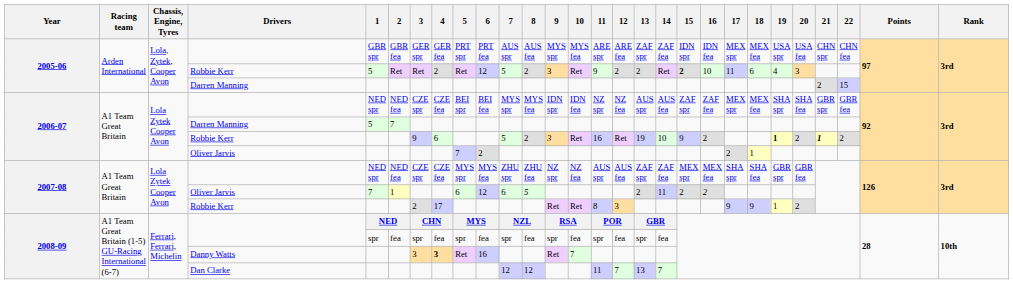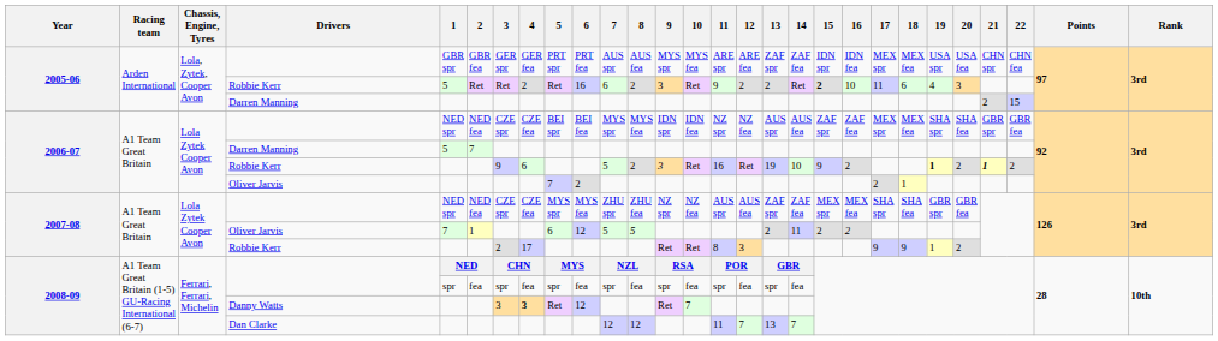 <table class="wikitable" style="font-size: 85%">
 <tr>
 <th>Year</th>
 <th width="4%">Racing<br>team</th>
 <th width="4%">Chassis,<br>Engine,<br>Tyres</th>
 <th>Drivers</th>
 <th width="2%">1</th>
 <th width="2%">2</th>
 <th width="2%">3</th>
 <th width="2%">4</th>
 <th width="2%">5</th>
 <th width="2%">6</th>
 <th width="2%">7</th>
 <th width="2%">8</th>
 <th width="2%">9</th>
 <th width="2%">10</th>
 <th width="2%">11</th>
 <th width="2%">12</th>
 <th width="2%">13</th>
 <th width="2%">14</th>
 <th width="2%">15</th>
 <th width="2%">16</th>
 <th width="2%">17</th>
 <th width="2%">18</th>
 <th width="2%">19</th>
 <th width="2%">20</th>
 <th width="2%">21</th>
 <th width="2%">22</th>
 <th>Points</th>
 <th>Rank</th>
 </tr>
 <tr>
 <th rowspan=3><a href='#'>2005-06</a></th>
 <td rowspan=3><a href='#'>Arden International</a></td>
 <td rowspan=3><a href='#'>Lola</a>,<br><a href='#'>Zytek</a>,<br><a href='#'>Cooper Avon</a></td>
 <td></td>
 <td><a href='#'>GBR spr</a></td>
 <td><a href='#'>GBR fea</a></td>
 <td><a href='#'>GER spr</a></td>
 <td><a href='#'>GER fea</a></td>
 <td><a href='#'>PRT spr</a></td>
 <td><a href='#'>PRT fea</a></td>
 <td><a href='#'>AUS spr</a></td>
 <td><a href='#'>AUS fea</a></td>
 <td><a href='#'>MYS spr</a></td>
 <td><a href='#'>MYS fea</a></td>
 <td><a href='#'>ARE spr</a></td>
 <td><a href='#'>ARE fea</a></td>
 <td><a href='#'>ZAF spr</a></td>
 <td><a href='#'>ZAF fea</a></td>
 <td><a href='#'>IDN spr</a></td>
 <td><a href='#'>IDN fea</a></td>
 <td><a href='#'>MEX spr</a></td>
 <td><a href='#'>MEX fea</a></td>
 <td><a href='#'>USA spr</a></td>
 <td><a href='#'>USA fea</a></td>
 <td><a href='#'>CHN spr</a></td>
 <td><a href='#'>CHN fea</a></td>
 <td rowspan=3 style="background:#FFDF9F;"><strong>97</strong></td>
 <td rowspan=3 style="background:#FFDF9F;"><strong>3rd</strong></td>
 </tr>
 <tr>
 <td><a href='#'>Robbie Kerr</a></td>
 <td style="background:#DFFFDF;">5</td>
 <td style="background:#EFCFFF;">Ret</td>
 <td style="background:#EFCFFF;">Ret</td>
 <td style="background:#DFDFDF;">2</td>
 <td style="background:#EFCFFF;">Ret</td>
-<td style="background:#CFCFFF;">12</td>
-<td style="background:#DFFFDF;">5</td>
+<td style="background:#CFCFFF;">16</td>
+<td style="background:#DFFFDF;">6</td>
 <td style="background:#DFDFDF;">2</td>
 <td style="background:#FFDF9F;">3</td>
 <td style="background:#EFCFFF;">Ret</td>
 <td style="background:#DFFFDF;">9</td>
 <td style="background:#DFDFDF;">2</td>
 <td style="background:#DFDFDF;">2</td>
 <td style="background:#EFCFFF;">Ret</td>
 <td style="background:#DFDFDF;"><strong>2</strong></td>
 <td style="background:#DFFFDF;">10</td>
 <td style="background:#CFCFFF;">11</td>
 <td style="background:#DFFFDF;">6</td>
 <td style="background:#DFFFDF;">4</td>
 <td style="background:#FFDF9F;">3</td>
 <td></td>
 <td></td>
 </tr>
 <tr>
 <td><a href='#'>Darren Manning</a></td>
 <td></td>
 <td></td>
 <td></td>
 <td></td>
 <td></td>
 <td></td>
 <td></td>
 <td></td>
 <td></td>
 <td></td>
 <td></td>
 <td></td>
 <td></td>
 <td></td>
 <td></td>
 <td></td>
 <td></td>
 <td></td>
 <td></td>
 <td></td>
 <td style="background:#DFDFDF;">2</td>
 <td style="background:#CFCFFF;">15</td>
 </tr>
 <tr>
 <th rowspan=4><a href='#'>2006-07</a></th>
 <td rowspan=4>A1 Team Great Britain</td>
 <td rowspan=4><a href='#'>Lola</a><br><a href='#'>Zytek</a><br><a href='#'>Cooper Avon</a></td>
 <td></td>
 <td><a href='#'>NED spr</a></td>
 <td><a href='#'>NED fea</a></td>
 <td><a href='#'>CZE spr</a></td>
 <td><a href='#'>CZE fea</a></td>
 <td><a href='#'>BEI spr</a></td>
 <td><a href='#'>BEI fea</a></td>
 <td><a href='#'>MYS spr</a></td>
 <td><a href='#'>MYS fea</a></td>
 <td><a href='#'>IDN spr</a></td>
 <td><a href='#'>IDN fea</a></td>
 <td><a href='#'>NZ spr</a></td>
 <td><a href='#'>NZ fea</a></td>
 <td><a href='#'>AUS spr</a></td>
 <td><a href='#'>AUS fea</a></td>
 <td><a href='#'>ZAF spr</a></td>
 <td><a href='#'>ZAF fea</a></td>
 <td><a href='#'>MEX spr</a></td>
 <td><a href='#'>MEX fea</a></td>
 <td><a href='#'>SHA spr</a></td>
 <td><a href='#'>SHA fea</a></td>
 <td><a href='#'>GBR spr</a></td>
 <td><a href='#'>GBR fea</a></td>
 <td rowspan=4 style="background:#FFDF9F;"><strong>92</strong></td>
 <td rowspan=4 style="background:#FFDF9F;"><strong>3rd</strong></td>
 </tr>
 <tr>
 <td><a href='#'>Darren Manning</a></td>
 <td style="background:#DFFFDF;">5</td>
 <td style="background:#DFFFDF;">7</td>
 <td></td>
 <td></td>
 <td></td>
 <td></td>
 <td></td>
 <td></td>
 <td></td>
 <td></td>
 <td></td>
 <td></td>
 <td></td>
 <td></td>
 <td></td>
 <td></td>
 <td></td>
 <td></td>
 <td></td>
 <td></td>
 <td></td>
 <td></td>
 </tr>
 <tr>
 <td><a href='#'>Robbie Kerr</a></td>
 <td></td>
 <td></td>
 <td style="background:#CFCFFF;">9</td>
 <td style="background:#DFFFDF;">6</td>
 <td></td>
 <td></td>
 <td style="background:#DFFFDF;">5</td>
 <td style="background:#DFDFDF;">2</td>
 <td style="background:#FFDF9F;"><em>3</em></td>
 <td style="background:#EFCFFF;">Ret</td>
 <td style="background:#CFCFFF;">16</td>
 <td style="background:#EFCFFF;">Ret</td>
 <td style="background:#CFCFFF;">19</td>
 <td style="background:#DFFFDF;">10</td>
 <td style="background:#CFCFFF;">9</td>
 <td style="background:#DFDFDF;">2</td>
 <td></td>
 <td></td>
 <td style="background:#FFFFBF;"><strong>1</strong></td>
 <td style="background:#DFDFDF;">2</td>
 <td style="background:#FFFFBF;"><strong><em>1</em></strong></td>
 <td style="background:#DFDFDF;">2</td>
 </tr>
 <tr>
 <td><a href='#'>Oliver Jarvis</a></td>
 <td></td>
 <td></td>
 <td></td>
 <td></td>
 <td style="background:#CFCFFF;">7</td>
 <td style="background:#DFDFDF;">2</td>
 <td></td>
 <td></td>
 <td></td>
 <td></td>
 <td></td>
 <td></td>
 <td></td>
 <td></td>
 <td></td>
 <td></td>
 <td style="background:#DFDFDF;">2</td>
 <td style="background:#FFFFBF;">1</td>
 <td></td>
 <td></td>
 <td></td>
 <td></td>
 </tr>
 <tr>
 <th rowspan=3><a href='#'>2007-08</a></th>
 <td rowspan=3>A1 Team Great Britain</td>
 <td rowspan=3><a href='#'>Lola</a><br><a href='#'>Zytek</a><br><a href='#'>Cooper Avon</a></td>
 <td></td>
 <td><a href='#'>NED spr</a></td>
 <td><a href='#'>NED fea</a></td>
 <td><a href='#'>CZE spr</a></td>
 <td><a href='#'>CZE fea</a></td>
 <td><a href='#'>MYS spr</a></td>
 <td><a href='#'>MYS fea</a></td>
 <td><a href='#'>ZHU spr</a></td>
 <td><a href='#'>ZHU fea</a></td>
 <td><a href='#'>NZ spr</a></td>
 <td><a href='#'>NZ fea</a></td>
 <td><a href='#'>AUS spr</a></td>
 <td><a href='#'>AUS fea</a></td>
 <td><a href='#'>ZAF spr</a></td>
 <td><a href='#'>ZAF fea</a></td>
 <td><a href='#'>MEX spr</a></td>
 <td><a href='#'>MEX fea</a></td>
 <td><a href='#'>SHA spr</a></td>
 <td><a href='#'>SHA fea</a></td>
 <td><a href='#'>GBR spr</a></td>
 <td><a href='#'>GBR fea</a></td>
 <td rowspan=3 colspan=2></td>
 <td rowspan=3 style="background:#FFDF9F;"><strong>126</strong></td>
 <td rowspan=3 style="background:#FFDF9F;"><strong>3rd</strong></td>
 </tr>
 <tr>
 <td><a href='#'>Oliver Jarvis</a></td>
 <td style="background:#DFFFDF;">7</td>
 <td style="background:#FFFFBF;">1</td>
 <td></td>
 <td></td>
 <td style="background:#DFFFDF;">6</td>
 <td style="background:#CFCFFF;">12</td>
-<td style="background:#DFFFDF;">6</td>
+<td style="background:#DFFFDF;">5</td>
 <td style="background:#DFFFDF;"><em>5</em></td>
 <td></td>
 <td></td>
 <td></td>
 <td></td>
 <td style="background:#DFDFDF;">2</td>
 <td style="background:#CFCFFF;">11</td>
 <td style="background:#DFDFDF;">2</td>
 <td style="background:#DFDFDF;"><em>2</em></td>
 <td></td>
 <td></td>
 <td></td>
 <td></td>
 </tr>
 <tr>
 <td><a href='#'>Robbie Kerr</a></td>
 <td></td>
 <td></td>
 <td style="background:#DFDFDF;">2</td>
 <td style="background:#CFCFFF;">17</td>
 <td></td>
 <td></td>
 <td></td>
 <td></td>
 <td style="background:#EFCFFF;">Ret</td>
 <td style="background:#EFCFFF;">Ret</td>
 <td style="background:#CFCFFF;">8</td>
 <td style="background:#FFDF9F;">3</td>
 <td></td>
 <td></td>
 <td></td>
 <td></td>
 <td style="background:#CFCFFF;">9</td>
 <td style="background:#CFCFFF;">9</td>
 <td style="background:#FFFFBF;">1</td>
 <td style="background:#DFDFDF;">2<br></td>
 </tr>
 <tr>
 <th rowspan=4><a href='#'>2008-09</a></th>
 <td rowspan=4>A1 Team Great Britain (1-5)<br><a href='#'>GU-Racing International</a> (6-7)</td>
 <td rowspan=4><a href='#'>Ferrari</a>,<br><a href='#'>Ferrari</a>,<br><a href='#'>Michelin</a></td>
 <td rowspan=2></td>
 <th colspan=2><a href='#'>NED</a></th>
 <th colspan=2><a href='#'>CHN</a></th>
 <th colspan=2><a href='#'>MYS</a></th>
 <th colspan=2><a href='#'>NZL</a></th>
 <th colspan=2><a href='#'>RSA</a></th>
 <th colspan=2><a href='#'>POR</a></th>
 <th colspan=2><a href='#'>GBR</a></th>
 <td colspan=8 rowspan=4></td>
 <td rowspan=4><strong>28</strong></td>
 <td rowspan=4><strong>10th</strong></td>
 </tr>
 <tr>
 <td>spr</td>
 <td>fea</td>
 <td>spr</td>
 <td>fea</td>
 <td>spr</td>
 <td>fea</td>
 <td>spr</td>
 <td>fea</td>
 <td>spr</td>
 <td>fea</td>
 <td>spr</td>
 <td>fea</td>
 <td>spr</td>
 <td>fea</td>
 </tr>
 <tr>
 <td><a href='#'>Danny Watts</a></td>
 <td></td>
 <td></td>
 <td style="background:#FFDF9F;">3</td>
 <td style="background:#FFDF9F;"><strong>3</strong></td>
 <td style="background:#EFCFFF;">Ret</td>
-<td style="background:#CFCFFF;">16</td>
+<td style="background:#CFCFFF;">12</td>
 <td></td>
 <td></td>
 <td style="background:#EFCFFF;">Ret</td>
 <td style="background:#DFFFDF;">7</td>
 <td></td>
 <td></td>
 <td></td>
 <td></td>
 </tr>
 <tr>
 <td><a href='#'>Dan Clarke</a></td>
 <td></td>
 <td></td>
 <td></td>
 <td></td>
 <td></td>
 <td></td>
 <td style="background:#CFCFFF;">12</td>
 <td style="background:#CFCFFF;">12</td>
 <td></td>
 <td></td>
 <td style="background:#CFCFFF;">11</td>
 <td style="background:#DFFFDF;">7</td>
 <td style="background:#CFCFFF;">13</td>
 <td style="background:#DFFFDF;">7</td>
 </tr>
 </table>
